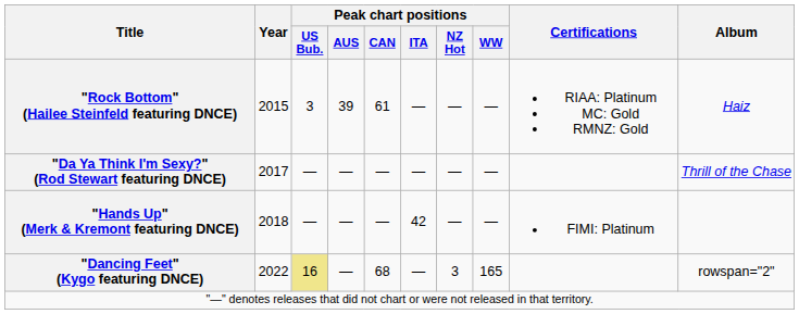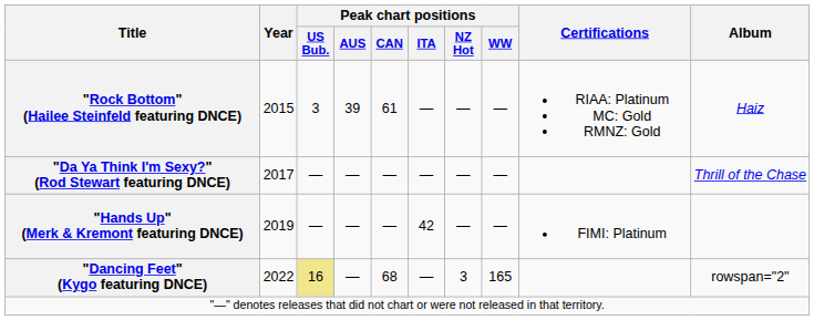 <table class="wikitable plainrowheaders" style="text-align:center;" border="1">
 <tr>
 <th scope="col" rowspan="2" style="width:18em;">Title</th>
 <th scope="col" rowspan="2">Year</th>
 <th scope="col" colspan="6">Peak chart positions</th>
 <th scope="col" rowspan="2" style="width:12em;"><a href='#'>Certifications</a></th>
 <th scope="col" rowspan="2">Album</th>
 </tr>
 <tr>
 <th scope="col" style="width:2.5em;font-size:90%;"><a href='#'>US<br>Bub.</a><br></th>
 <th scope="col" style="width:2.5em;font-size:90%;"><a href='#'>AUS</a><br></th>
 <th scope="col" style="width:2.5em;font-size:90%;"><a href='#'>CAN</a><br></th>
 <th scope="col" style="width:2.5em;font-size:90%;"><a href='#'>ITA</a><br></th>
 <th scope="col" style="width:2.5em;font-size:90%;"><a href='#'>NZ<br>Hot</a><br></th>
 <th scope="col" style="width:2.5em;font-size:90%;"><a href='#'>WW</a><br></th>
 </tr>
 <tr>
 <th scope="row">"<a href='#'>Rock Bottom</a>"<br><span>(<a href='#'>Hailee Steinfeld</a> featuring DNCE)</span></th>
 <td>2015</td>
 <td>3</td>
 <td>39</td>
 <td>61</td>
 <td>—</td>
 <td>—</td>
 <td>—</td>
 <td><br><ul><li>RIAA: Platinum</li><li>MC: Gold</li><li>RMNZ: Gold</li></ul></td>
 <td><em><a href='#'>Haiz</a></em></td>
 </tr>
 <tr>
 <th scope="row">"<a href='#'>Da Ya Think I'm Sexy?</a>"<br><span>(<a href='#'>Rod Stewart</a> featuring DNCE)</span></th>
 <td>2017</td>
 <td>—</td>
 <td>—</td>
 <td>—</td>
 <td>—</td>
 <td>—</td>
 <td>—</td>
 <td></td>
 <td><em><a href='#'>Thrill of the Chase</a></em></td>
 </tr>
 <tr>
 <th scope="row">"<a href='#'>Hands Up</a>" <br><span>(<a href='#'>Merk & Kremont</a> featuring DNCE)</span></th>
-<td>2018</td>
+<td>2019</td>
 <td>—</td>
 <td>—</td>
 <td>—</td>
 <td>42</td>
 <td>—</td>
 <td>—</td>
 <td><br><ul><li>FIMI: Platinum</li></ul></td>
 </tr>
 <tr>
 <th scope="row">"<a href='#'>Dancing Feet</a>"<br><span>(<a href='#'>Kygo</a> featuring DNCE)</span></th>
 <td>2022</td>
 <td style="background: khaki;">16</td>
 <td>—</td>
 <td>68</td>
 <td>—</td>
 <td>3</td>
 <td>165</td>
 <td></td>
 <td>rowspan="2" </td>
 </tr>
 <tr>
 <td colspan="16" style="font-size:85%">"—" denotes releases that did not chart or were not released in that territory.</td>
 </tr>
 </table>
